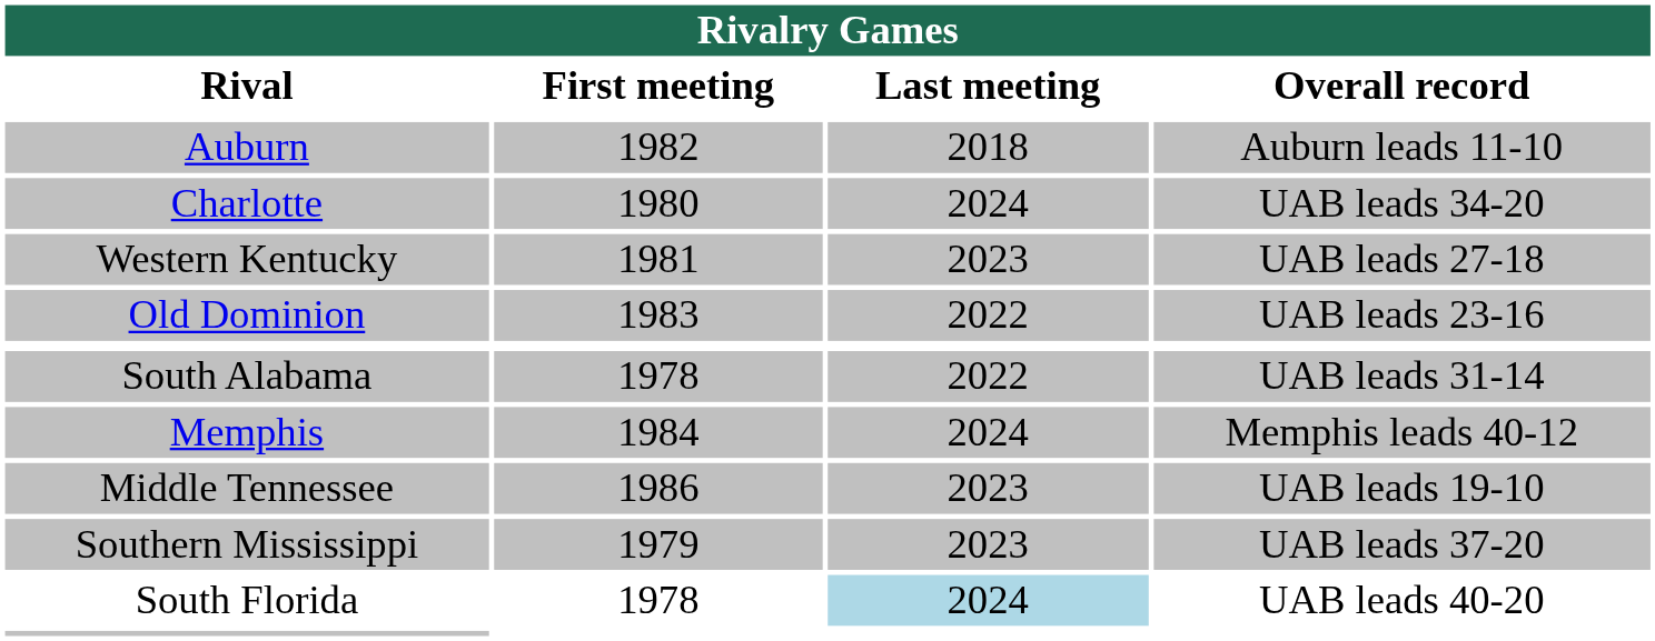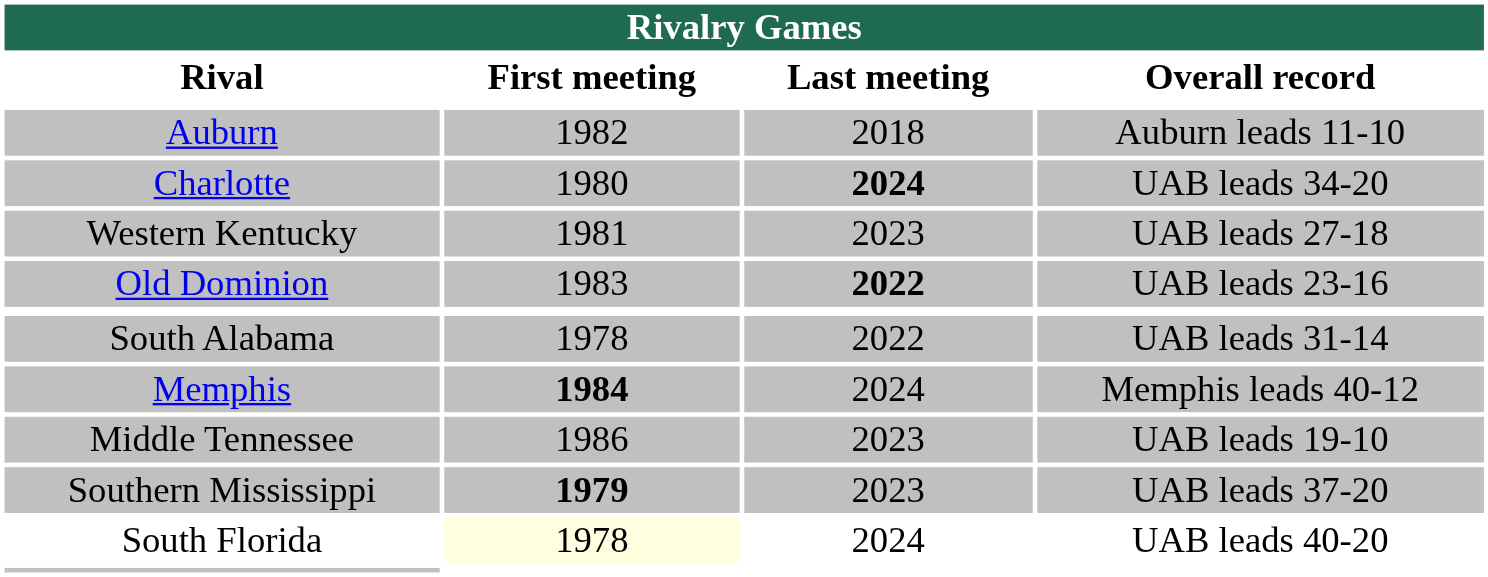 <table class="toccolours" width="650px">
 <tr>
 <th colspan="5" style="text-align: center; background:#1E6B52;color:white;"><strong>Rivalry Games</strong></th>
 </tr>
 <tr>
 <th>Rival</th>
 <th>First meeting</th>
 <th>Last meeting</th>
 <th>Overall record</th>
 </tr>
 <tr style="text-align:center; background:silver">
 </tr>
 <tr style="text-align:center; background:silver">
 <td><a href='#'>Auburn</a></td>
 <td>1982</td>
 <td>2018</td>
 <td>Auburn leads 11-10</td>
 </tr>
 <tr style="text-align:center; background:silver">
 <td><a href='#'>Charlotte</a></td>
 <td>1980</td>
-<td>2024</td>
+<td><strong>2024</strong></td>
 <td>UAB leads 34-20</td>
 </tr>
 <tr style="text-align:center; background:silver">
 <td>Western Kentucky</td>
 <td>1981</td>
 <td>2023</td>
 <td>UAB leads 27-18</td>
 </tr>
 <tr style="text-align:center; background:silver">
 <td><a href='#'>Old Dominion</a></td>
 <td>1983</td>
-<td>2022</td>
+<td><strong>2022</strong></td>
 <td>UAB leads 23-16</td>
 </tr>
 <tr style="text-align:center; background:silver">
 </tr>
 <tr style="text-align:center; background:silver">
 <td>South Alabama</td>
 <td>1978</td>
 <td>2022</td>
 <td>UAB leads 31-14</td>
 </tr>
 <tr style="text-align:center; background:silver">
 <td><a href='#'>Memphis</a></td>
-<td>1984</td>
+<td><strong>1984</strong></td>
 <td>2024</td>
 <td>Memphis leads 40-12</td>
 </tr>
 <tr style="text-align:center; background:silver">
 <td>Middle Tennessee</td>
 <td>1986</td>
 <td>2023</td>
 <td>UAB leads 19-10</td>
 </tr>
 <tr style="text-align:center; background:silver">
 <td>Southern Mississippi</td>
-<td>1979</td>
+<td><strong>1979</strong></td>
 <td>2023</td>
 <td>UAB leads 37-20</td>
 </tr>
 <tr style="text-align:center">
 <td>South Florida</td>
-<td>1978</td>
-<td style="background: lightblue;">2024</td>
+<td style="background: lightyellow;">1978</td>
+<td>2024</td>
 <td>UAB leads 40-20</td>
 </tr>
 <tr style="text-align:center; background:silver">
 <td></td>
 </tr>
 </table>
